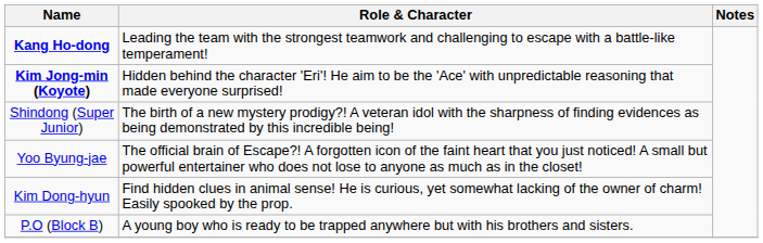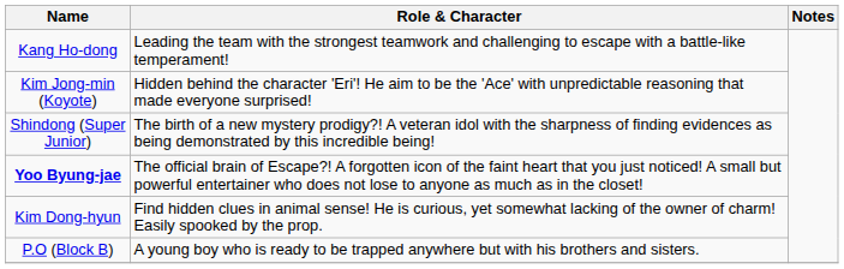 <table class=wikitable style=text-align:center>
 <tr>
 <th>Name</th>
 <th>Role & Character</th>
 <th>Notes</th>
 </tr>
 <tr>
-<td><strong><a href='#'>Kang Ho-dong</a></strong></td>
+<td><a href='#'>Kang Ho-dong</a></td>
 <td style=text-align:left>Leading the team with the strongest teamwork and challenging to escape with a battle-like temperament!</td>
 <td rowspan=6></td>
 </tr>
 <tr>
-<td><strong><a href='#'>Kim Jong-min</a> (<a href='#'>Koyote</a>)</strong></td>
+<td><a href='#'>Kim Jong-min</a> (<a href='#'>Koyote</a>)</td>
 <td style=text-align:left>Hidden behind the character 'Eri'! He aim to be the 'Ace' with unpredictable reasoning that made everyone surprised!</td>
 </tr>
 <tr>
 <td><a href='#'>Shindong</a> (<a href='#'>Super Junior</a>)</td>
 <td style=text-align:left>The birth of a new mystery prodigy?! A veteran idol with the sharpness of finding evidences as being demonstrated by this incredible being!</td>
 </tr>
 <tr>
-<td><a href='#'>Yoo Byung-jae</a></td>
+<td><strong><a href='#'>Yoo Byung-jae</a></strong></td>
 <td style=text-align:left>The official brain of Escape?! A forgotten icon of the faint heart that you just noticed! A small but powerful entertainer who does not lose to anyone as much as in the closet!</td>
 </tr>
 <tr>
 <td><a href='#'>Kim Dong-hyun</a></td>
 <td style="text-align: left">Find hidden clues in animal sense! He is curious, yet somewhat lacking of the owner of charm! Easily spooked by the prop.</td>
 </tr>
 <tr>
 <td><a href='#'>P.O</a> (<a href='#'>Block B</a>)</td>
 <td style="text-align: left">A young boy who is ready to be trapped anywhere but with his brothers and sisters.</td>
 </tr>
 <tr>
 </tr>
 </table>
